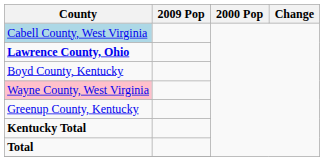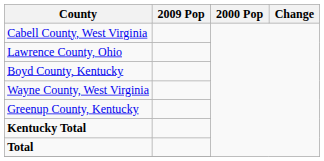 <table class=wikitable>
 <tr>
 <th>County</th>
 <th> 2009 Pop </th>
 <th> 2000 Pop </th>
 <th> Change </th>
 </tr>
 <tr>
-<td style="background: lightblue;"><a href='#'><span>Cabell County, West Virginia</span></a></td>
+<td><a href='#'><span>Cabell County, West Virginia</span></a></td>
 <td></td>
 </tr>
 <tr>
-<td><strong><a href='#'><span>Lawrence County, Ohio</span></a></strong></td>
+<td><a href='#'><span>Lawrence County, Ohio</span></a></td>
 <td></td>
 </tr>
 <tr>
 <td><a href='#'>Boyd County, Kentucky</a></td>
 <td></td>
 </tr>
 <tr>
-<td style="background: pink;"><a href='#'><span>Wayne County, West Virginia</span></a></td>
+<td><a href='#'><span>Wayne County, West Virginia</span></a></td>
 <td></td>
 </tr>
 <tr>
 <td><a href='#'>Greenup County, Kentucky</a></td>
 <td></td>
 </tr>
 <tr>
 <td><strong> Kentucky Total</strong></td>
 <td></td>
 </tr>
 <tr>
 <td><strong>Total</strong></td>
 <td></td>
 </tr>
 <tr>
 </tr>
 </table>
